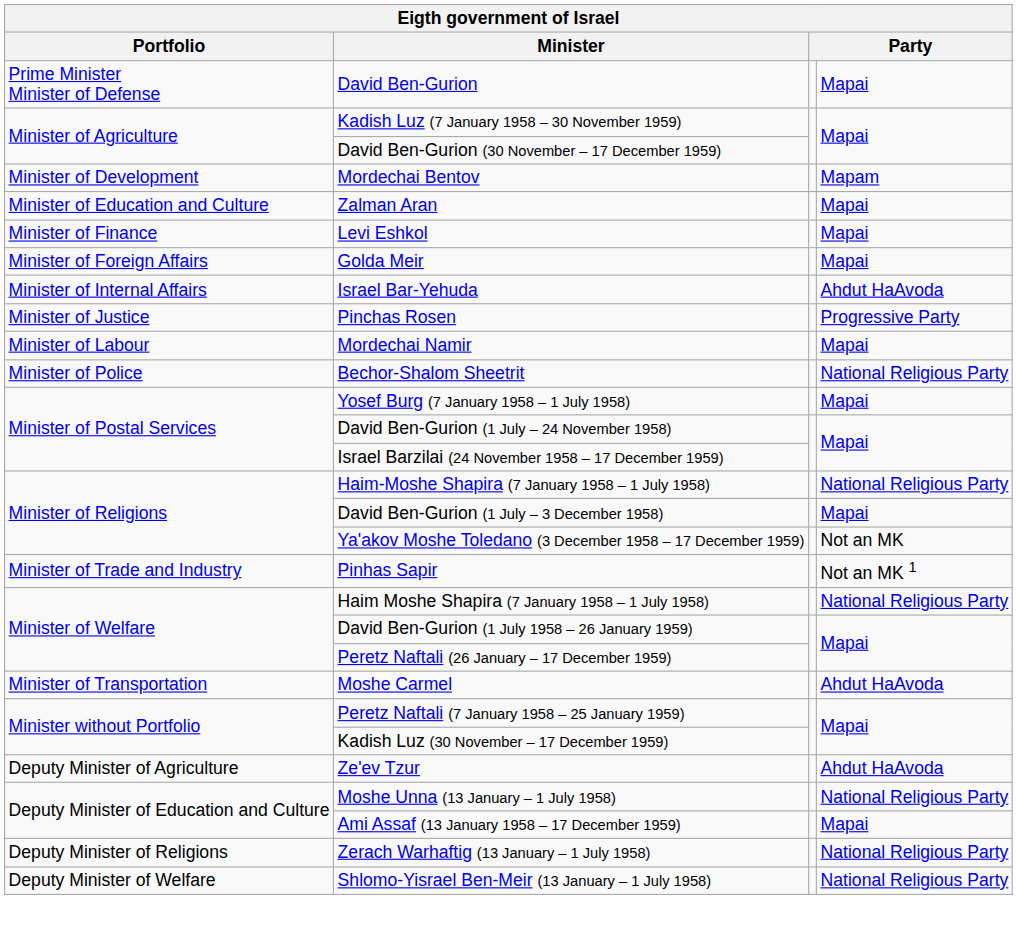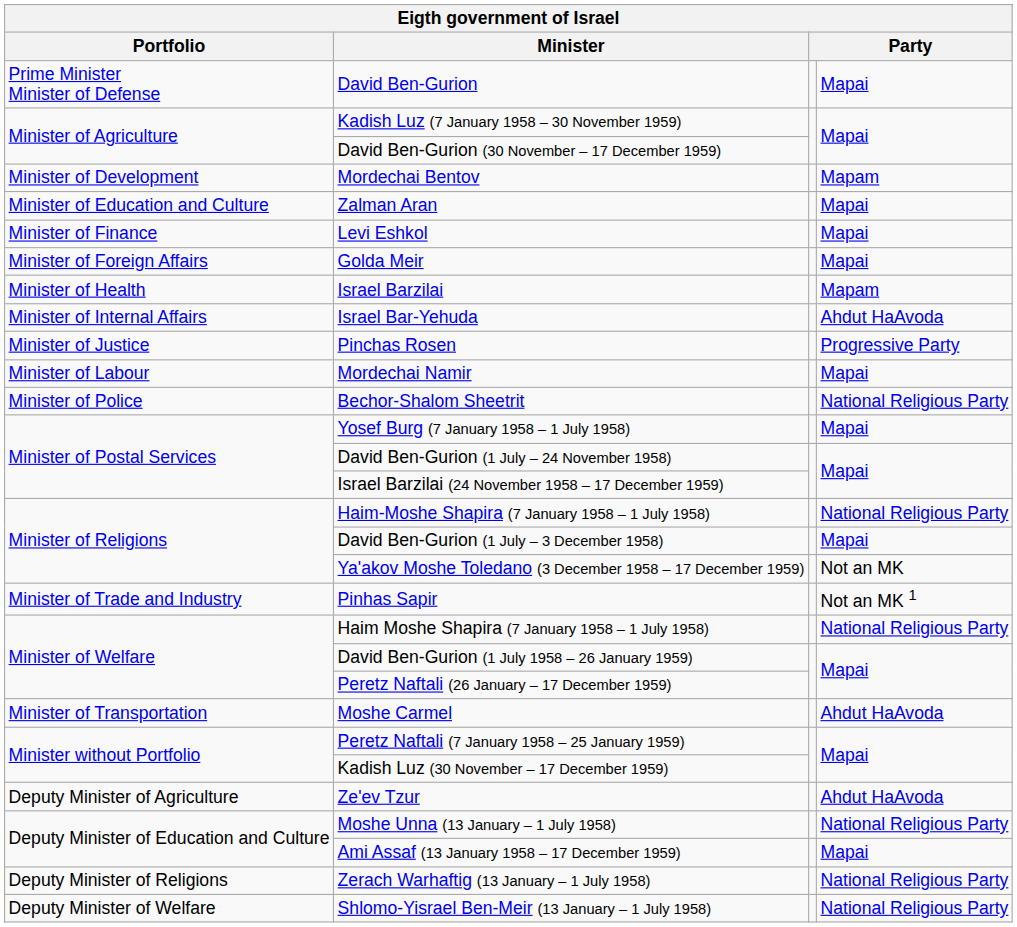 <table class="wikitable sortable" style="text-align:left">
 <tr>
 <th colspan="4">Eigth government of Israel</th>
 </tr>
 <tr>
 <th>Portfolio</th>
 <th>Minister</th>
 <th colspan="2">Party</th>
 </tr>
 <tr>
 <td><a href='#'>Prime Minister</a><br><a href='#'>Minister of Defense</a></td>
 <td><a href='#'>David Ben-Gurion</a></td>
 <td style="background:"></td>
 <td><a href='#'>Mapai</a></td>
 </tr>
 <tr>
 <td rowspan="2"><a href='#'>Minister of Agriculture</a></td>
 <td><a href='#'>Kadish Luz</a> <small>(7 January 1958 – 30 November 1959)</small></td>
 <td rowspan="2" style="background:"></td>
 <td rowspan="2"><a href='#'>Mapai</a></td>
 </tr>
 <tr>
 <td>David Ben-Gurion <small>(30 November – 17 December 1959)</small></td>
 </tr>
 <tr>
 <td><a href='#'>Minister of Development</a></td>
 <td><a href='#'>Mordechai Bentov</a></td>
 <td style="background:"></td>
 <td><a href='#'>Mapam</a></td>
 </tr>
 <tr>
 <td><a href='#'>Minister of Education and Culture</a></td>
 <td><a href='#'>Zalman Aran</a></td>
 <td style="background:"></td>
 <td><a href='#'>Mapai</a></td>
 </tr>
 <tr>
 <td><a href='#'>Minister of Finance</a></td>
 <td><a href='#'>Levi Eshkol</a></td>
 <td style="background:"></td>
 <td><a href='#'>Mapai</a></td>
 </tr>
 <tr>
 <td><a href='#'>Minister of Foreign Affairs</a></td>
 <td><a href='#'>Golda Meir</a></td>
 <td style="background:"></td>
 <td><a href='#'>Mapai</a></td>
+</tr>
+<tr>
+<td><a href='#'>Minister of Health</a></td>
+<td><a href='#'>Israel Barzilai</a></td>
+<td style="background:"></td>
+<td><a href='#'>Mapam</a></td>
 </tr>
 <tr>
 <td><a href='#'>Minister of Internal Affairs</a></td>
 <td><a href='#'>Israel Bar-Yehuda</a></td>
 <td style="background:"></td>
 <td><a href='#'>Ahdut HaAvoda</a></td>
 </tr>
 <tr>
 <td><a href='#'>Minister of Justice</a></td>
 <td><a href='#'>Pinchas Rosen</a></td>
 <td style="background:"></td>
 <td><a href='#'>Progressive Party</a></td>
 </tr>
 <tr>
 <td><a href='#'>Minister of Labour</a></td>
 <td><a href='#'>Mordechai Namir</a></td>
 <td style="background:"></td>
 <td><a href='#'>Mapai</a></td>
 </tr>
 <tr>
 <td><a href='#'>Minister of Police</a></td>
 <td><a href='#'>Bechor-Shalom Sheetrit</a></td>
 <td style="background:"></td>
 <td><a href='#'>National Religious Party</a></td>
 </tr>
 <tr>
 <td rowspan="3"><a href='#'>Minister of Postal Services</a></td>
 <td><a href='#'>Yosef Burg</a> <small>(7 January 1958 – 1 July 1958)</small></td>
 <td style="background:"></td>
 <td><a href='#'>Mapai</a></td>
 </tr>
 <tr>
 <td>David Ben-Gurion <small>(1 July – 24 November 1958)</small></td>
 <td rowspan="2" style="background:"></td>
 <td rowspan="2"><a href='#'>Mapai</a></td>
 </tr>
 <tr>
 <td>Israel Barzilai <small>(24 November 1958 – 17 December 1959)</small></td>
 </tr>
 <tr>
 <td rowspan="3"><a href='#'>Minister of Religions</a></td>
 <td><a href='#'>Haim-Moshe Shapira</a> <small>(7 January 1958 – 1 July 1958)</small></td>
 <td style="background:"></td>
 <td><a href='#'>National Religious Party</a></td>
 </tr>
 <tr>
 <td>David Ben-Gurion <small>(1 July – 3 December 1958)</small></td>
 <td style="background:"></td>
 <td><a href='#'>Mapai</a></td>
 </tr>
 <tr>
 <td><a href='#'>Ya'akov Moshe Toledano</a> <small>(3 December 1958 – 17 December 1959)</small></td>
 <td style="background:"></td>
 <td>Not an MK</td>
 </tr>
 <tr>
 <td><a href='#'>Minister of Trade and Industry</a></td>
 <td><a href='#'>Pinhas Sapir</a></td>
 <td style="background:"></td>
 <td>Not an MK <sup>1</sup></td>
 </tr>
 <tr>
 <td rowspan="3"><a href='#'>Minister of Welfare</a></td>
 <td>Haim Moshe Shapira <small>(7 January 1958 – 1 July 1958)</small></td>
 <td style="background:"></td>
 <td><a href='#'>National Religious Party</a></td>
 </tr>
 <tr>
 <td>David Ben-Gurion <small>(1 July 1958 – 26 January 1959)</small></td>
 <td rowspan="2" style="background:"></td>
 <td rowspan="2"><a href='#'>Mapai</a></td>
 </tr>
 <tr>
 <td><a href='#'>Peretz Naftali</a> <small>(26 January – 17 December 1959)</small></td>
 </tr>
 <tr>
 <td><a href='#'>Minister of Transportation</a></td>
 <td><a href='#'>Moshe Carmel</a></td>
 <td style="background:"></td>
 <td><a href='#'>Ahdut HaAvoda</a></td>
 </tr>
 <tr>
 <td rowspan="2"><a href='#'>Minister without Portfolio</a></td>
 <td><a href='#'>Peretz Naftali</a> <small>(7 January 1958 – 25 January 1959)</small></td>
 <td rowspan="2" style="background:"></td>
 <td rowspan="2"><a href='#'>Mapai</a></td>
 </tr>
 <tr>
 <td>Kadish Luz <small>(30 November – 17 December 1959)</small></td>
 </tr>
 <tr>
 <td>Deputy Minister of Agriculture</td>
 <td><a href='#'>Ze'ev Tzur</a></td>
 <td style="background:"></td>
 <td><a href='#'>Ahdut HaAvoda</a></td>
 </tr>
 <tr>
 <td rowspan="2">Deputy Minister of Education and Culture</td>
 <td><a href='#'>Moshe Unna</a> <small>(13 January – 1 July 1958)</small></td>
 <td style="background:"></td>
 <td><a href='#'>National Religious Party</a></td>
 </tr>
 <tr>
 <td><a href='#'>Ami Assaf</a> <small>(13 January 1958 – 17 December 1959)</small></td>
 <td style="background:"></td>
 <td><a href='#'>Mapai</a></td>
 </tr>
 <tr>
 <td>Deputy Minister of Religions</td>
 <td><a href='#'>Zerach Warhaftig</a> <small>(13 January –  1 July 1958)</small></td>
 <td style="background:"></td>
 <td><a href='#'>National Religious Party</a></td>
 </tr>
 <tr>
 <td>Deputy Minister of Welfare</td>
 <td><a href='#'>Shlomo-Yisrael Ben-Meir</a> <small>(13 January –  1 July 1958)</small></td>
 <td style="background:"></td>
 <td><a href='#'>National Religious Party</a></td>
 </tr>
 </table>
